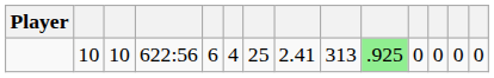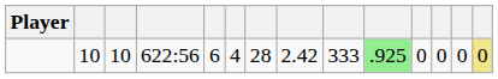 <table class="wikitable sortable" style="text-align:center;">
 <tr>
 <th>Player</th>
 <th></th>
 <th></th>
 <th></th>
 <th></th>
 <th></th>
 <th></th>
 <th></th>
 <th></th>
 <th></th>
 <th></th>
 <th></th>
 <th></th>
 <th></th>
 </tr>
 <tr>
 <td></td>
 <td>10</td>
 <td>10</td>
 <td>622:56</td>
 <td>6</td>
 <td>4</td>
-<td>25</td>
-<td>2.41</td>
-<td>313</td>
+<td>28</td>
+<td>2.42</td>
+<td>333</td>
 <td style="background: lightgreen;">.925</td>
 <td>0</td>
 <td>0</td>
 <td>0</td>
-<td>0</td>
+<td style="background: khaki;">0</td>
 </tr>
 </table>
